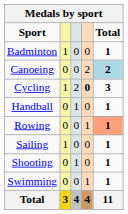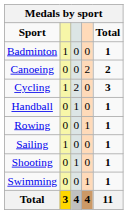 <table class="wikitable" style="font-size:85%">
 <tr style="background:#efefef;">
 <th colspan=7><strong>Medals by sport</strong></th>
 </tr>
 <tr align=center>
 <td><strong>Sport</strong></td>
 <td bgcolor=#f7f6a8></td>
 <td bgcolor=#dce5e5></td>
 <td bgcolor=#ffdab9></td>
 <td><strong>Total</strong></td>
 </tr>
 <tr align=center>
 <td><a href='#'>Badminton</a></td>
 <td style="background:#F7F6A8;">1</td>
 <td style="background:#DCE5E5;">0</td>
 <td style="background:#FFDAB9;">0</td>
 <td><strong>1</strong></td>
 </tr>
 <tr align=center>
 <td><a href='#'>Canoeing</a></td>
 <td style="background:#F7F6A8;">0</td>
 <td style="background:#DCE5E5;">0</td>
 <td style="background:#FFDAB9;">2</td>
-<td style="background: lightblue;"><strong>2</strong></td>
+<td><strong>2</strong></td>
 </tr>
 <tr align=center>
 <td><a href='#'>Cycling</a></td>
 <td style="background:#F7F6A8;">1</td>
 <td style="background:#DCE5E5;">2</td>
-<td style="background:#FFDAB9;"><strong>0</strong></td>
+<td style="background:#FFDAB9;">0</td>
 <td><strong>3</strong></td>
 </tr>
 <tr align=center>
 <td><a href='#'>Handball</a></td>
 <td style="background:#F7F6A8;">0</td>
 <td style="background:#DCE5E5;">1</td>
 <td style="background:#FFDAB9;">0</td>
 <td><strong>1</strong></td>
 </tr>
 <tr align=center>
 <td><a href='#'>Rowing</a></td>
 <td style="background:#F7F6A8;">0</td>
 <td style="background:#DCE5E5;">0</td>
 <td style="background:#FFDAB9;">1</td>
-<td style="background: lightsalmon;"><strong>1</strong></td>
+<td><strong>1</strong></td>
 </tr>
 <tr align=center>
 <td><a href='#'>Sailing</a></td>
 <td style="background:#F7F6A8;">1</td>
 <td style="background:#DCE5E5;">0</td>
 <td style="background:#FFDAB9;">0</td>
 <td><strong>1</strong></td>
 </tr>
 <tr align=center>
 <td><a href='#'>Shooting</a></td>
 <td style="background:#F7F6A8;">0</td>
 <td style="background:#DCE5E5;">1</td>
 <td style="background:#FFDAB9;">0</td>
 <td><strong>1</strong></td>
 </tr>
 <tr align=center>
 <td><a href='#'>Swimming</a></td>
 <td style="background:#F7F6A8;">0</td>
 <td style="background:#DCE5E5;">0</td>
 <td style="background:#FFDAB9;">1</td>
 <td><strong>1</strong></td>
 </tr>
 <tr align=center>
 <th><strong>Total</strong></th>
 <th style="background:gold;"><strong>3</strong></th>
 <th style="background:silver;"><strong>4</strong></th>
 <th style="background:#c96;"><strong>4</strong></th>
 <th><strong>11</strong></th>
 </tr>
 </table>
